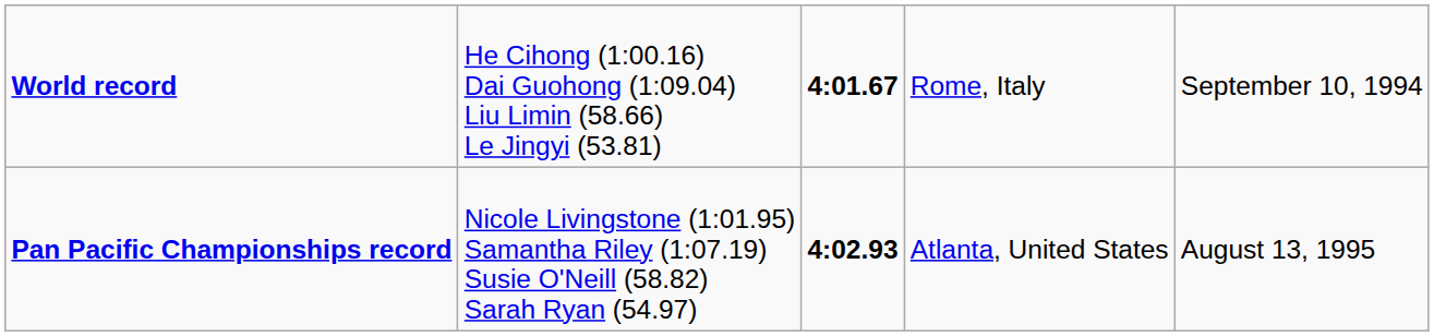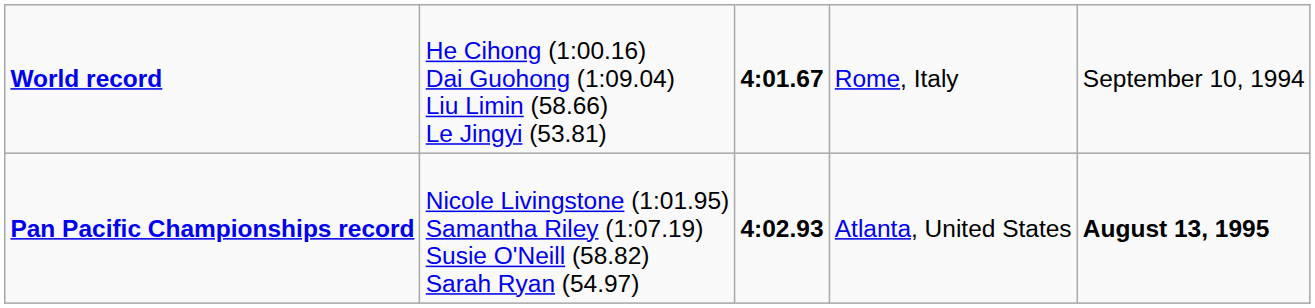 <table class="wikitable">
 <tr>
 <td><strong><a href='#'>World record</a></strong></td>
 <td><br><a href='#'>He Cihong</a> (1:00.16) <br><a href='#'>Dai Guohong</a> (1:09.04)<br><a href='#'>Liu Limin</a> (58.66)<br><a href='#'>Le Jingyi</a> (53.81)</td>
 <td><strong>4:01.67</strong></td>
 <td><a href='#'>Rome</a>, Italy</td>
 <td>September 10, 1994</td>
 </tr>
 <tr>
 <td><strong><a href='#'>Pan Pacific Championships record</a></strong></td>
 <td><br><a href='#'>Nicole Livingstone</a> (1:01.95)<br><a href='#'>Samantha Riley</a> (1:07.19)<br><a href='#'>Susie O'Neill</a> (58.82)<br><a href='#'>Sarah Ryan</a> (54.97)</td>
 <td><strong>4:02.93</strong></td>
 <td><a href='#'>Atlanta</a>, United States</td>
-<td>August 13, 1995</td>
+<td><strong>August 13, 1995</strong></td>
 </tr>
 </table>
